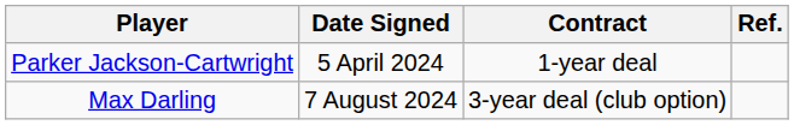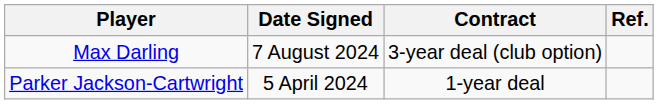 <table class="wikitable sortable sortable" style="text-align: center">
 <tr>
 <th>Player</th>
 <th>Date Signed</th>
 <th>Contract</th>
 <th>Ref.</th>
 </tr>
 <tr>
+<td><a href='#'>Max Darling</a></td>
+<td>7 August 2024</td>
+<td>3-year deal (club option)</td>
+<td></td>
+</tr>
+<tr>
 <td><a href='#'>Parker Jackson-Cartwright</a></td>
 <td>5 April 2024</td>
 <td>1-year deal</td>
 <td></td>
 </tr>
-<tr>
-<td><a href='#'>Max Darling</a></td>
-<td>7 August 2024</td>
-<td>3-year deal (club option)</td>
-<td></td>
-</tr>
 </table>
